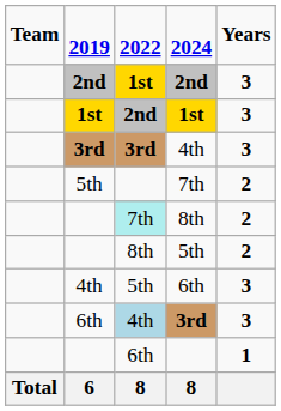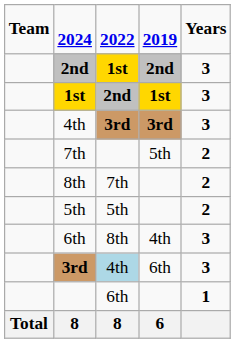 <table class="wikitable" style="text-align:center; font-size:90%">
 <tr>
 <td><strong>Team</strong></td>
+<td><strong><br><a href='#'>2024</a></strong></td>
+<td><strong><br><a href='#'>2022</a></strong></td>
 <td><strong><br><a href='#'>2019</a></strong></td>
-<td><strong><br><a href='#'>2022</a></strong></td>
-<td><strong><br><a href='#'>2024</a></strong></td>
 <td><strong>Years</strong></td>
 </tr>
 <tr>
 <td align=left></td>
 <td bgcolor=silver><strong>2nd</strong></td>
 <td bgcolor=gold><strong>1st</strong></td>
 <td bgcolor=silver><strong>2nd</strong></td>
 <td><strong>3</strong></td>
 </tr>
 <tr>
 <td align=left></td>
 <td bgcolor=gold><strong>1st</strong></td>
 <td bgcolor=silver><strong>2nd</strong></td>
 <td bgcolor=gold><strong>1st</strong></td>
 <td><strong>3</strong></td>
 </tr>
 <tr>
 <td align=left></td>
+<td>4th</td>
 <td bgcolor=#cc9966><strong>3rd</strong></td>
 <td bgcolor=#cc9966><strong>3rd</strong></td>
+<td><strong>3</strong></td>
+</tr>
+<tr>
+<td align=left></td>
+<td>7th</td>
+<td></td>
+<td>5th</td>
+<td><strong>2</strong></td>
+</tr>
+<tr>
+<td align=left></td>
+<td>8th</td>
+<td>7th</td>
+<td></td>
+<td><strong>2</strong></td>
+</tr>
+<tr>
+<td align=left></td>
+<td>5th</td>
+<td>5th</td>
+<td></td>
+<td><strong>2</strong></td>
+</tr>
+<tr>
+<td align=left></td>
+<td>6th</td>
+<td>8th</td>
 <td>4th</td>
 <td><strong>3</strong></td>
 </tr>
 <tr>
 <td align=left></td>
-<td>5th</td>
-<td></td>
-<td>7th</td>
-<td><strong>2</strong></td>
-</tr>
-<tr>
-<td align=left></td>
-<td></td>
-<td style="background: paleturquoise;">7th</td>
-<td>8th</td>
-<td><strong>2</strong></td>
-</tr>
-<tr>
-<td align=left></td>
-<td></td>
-<td>8th</td>
-<td>5th</td>
-<td><strong>2</strong></td>
-</tr>
-<tr>
-<td align=left></td>
-<td>4th</td>
-<td>5th</td>
+<td bgcolor=#cc9966><strong>3rd</strong></td>
+<td style="background: lightblue;">4th</td>
 <td>6th</td>
-<td><strong>3</strong></td>
-</tr>
-<tr>
-<td align=left></td>
-<td>6th</td>
-<td style="background: lightblue;">4th</td>
-<td bgcolor=#cc9966><strong>3rd</strong></td>
 <td><strong>3</strong></td>
 </tr>
 <tr>
 <td align=left></td>
 <td></td>
 <td>6th</td>
 <td></td>
 <td><strong>1</strong></td>
 </tr>
 <tr>
 <th align=left>Total</th>
-<th>6</th>
 <th>8</th>
 <th>8</th>
+<th>6</th>
 <th></th>
 </tr>
 </table>
